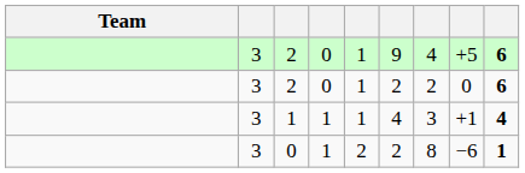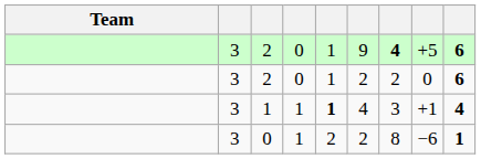 <table class="wikitable" style="text-align: center;">
 <tr>
 <th width="175">Team</th>
 <th width="20"></th>
 <th width="20"></th>
 <th width="20"></th>
 <th width="20"></th>
 <th width="20"></th>
 <th width="20"></th>
 <th width="20"></th>
 <th width="20"></th>
 </tr>
 <tr bgcolor=ccffcc>
 <td align=left></td>
 <td>3</td>
 <td>2</td>
 <td>0</td>
 <td>1</td>
 <td>9</td>
-<td>4</td>
+<td><strong>4</strong></td>
 <td>+5</td>
 <td><strong>6</strong></td>
 </tr>
 <tr>
 <td align=left></td>
 <td>3</td>
 <td>2</td>
 <td>0</td>
 <td>1</td>
 <td>2</td>
 <td>2</td>
 <td>0</td>
 <td><strong>6</strong></td>
 </tr>
 <tr>
 <td align=left><em></em></td>
 <td>3</td>
 <td>1</td>
 <td>1</td>
-<td>1</td>
+<td><strong>1</strong></td>
 <td>4</td>
 <td>3</td>
 <td>+1</td>
 <td><strong>4</strong></td>
 </tr>
 <tr>
 <td align=left></td>
 <td>3</td>
 <td>0</td>
 <td>1</td>
 <td>2</td>
 <td>2</td>
 <td>8</td>
 <td>−6</td>
 <td><strong>1</strong></td>
 </tr>
 </table>
